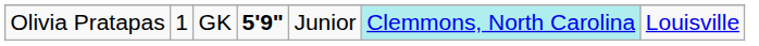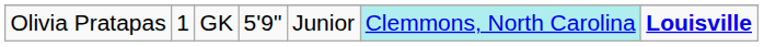 <table class="wikitable sortable" style="text-align:center;" border="1">
 <tr align=center>
 </tr>
 <tr>
 <td>Olivia Pratapas</td>
 <td>1</td>
 <td>GK</td>
-<td><strong>5'9"</strong></td>
+<td>5'9"</td>
 <td>Junior</td>
 <td style="background: paleturquoise;"><a href='#'>Clemmons, North Carolina</a></td>
-<td><a href='#'>Louisville</a></td>
+<td><strong><a href='#'>Louisville</a></strong></td>
 </tr>
 </table>
